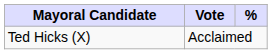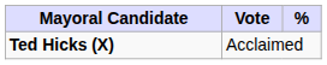 <table class="wikitable">
 <tr>
 <th style="background:#ddf; width:200px;">Mayoral Candidate </th>
 <th style="background:#ddf; width:50px;">Vote</th>
 <th style="background:#ddf; width:30px;">%</th>
 </tr>
 <tr>
-<td>Ted Hicks (X)</td>
+<td><strong>Ted Hicks (X)</strong></td>
 <td colspan="2">Acclaimed</td>
 </tr>
 </table>
